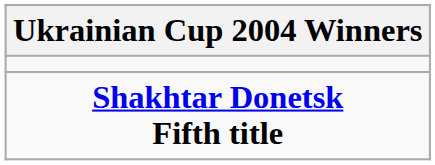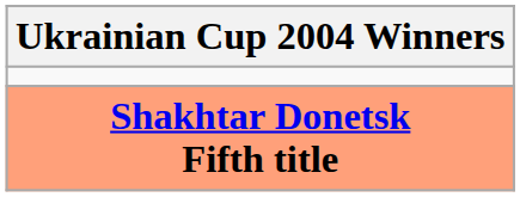 <table class="wikitable" style="text-align: center; margin: 0 auto;">
 <tr>
 <th>Ukrainian Cup 2004 Winners</th>
 </tr>
 <tr>
 <td></td>
 </tr>
 <tr>
-<td><strong><a href='#'>Shakhtar Donetsk</a></strong><br><strong>Fifth title</strong></td>
+<td style="background: lightsalmon;"><strong><a href='#'>Shakhtar Donetsk</a></strong><br><strong>Fifth title</strong></td>
 </tr>
 </table>
